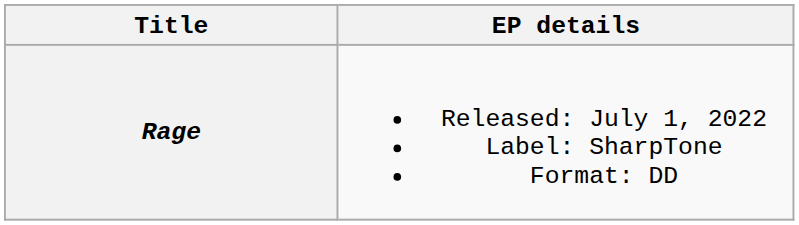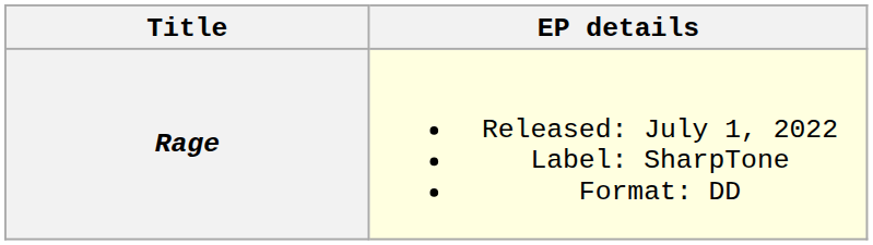 <table class="wikitable plainrowheaders" style="text-align:center;" border="1">
 <tr>
 <th scope="col" style="width:13em;">Title</th>
 <th scope="col" style="width:18em;">EP details</th>
 </tr>
 <tr>
 <th scope="row"><em>Rage</em></th>
-<td><br><ul><li>Released: July 1, 2022</li><li>Label: SharpTone</li><li>Format: DD</li></ul></td>
+<td style="background: lightyellow;"><br><ul><li>Released: July 1, 2022</li><li>Label: SharpTone</li><li>Format: DD</li></ul></td>
 </tr>
 </table>
